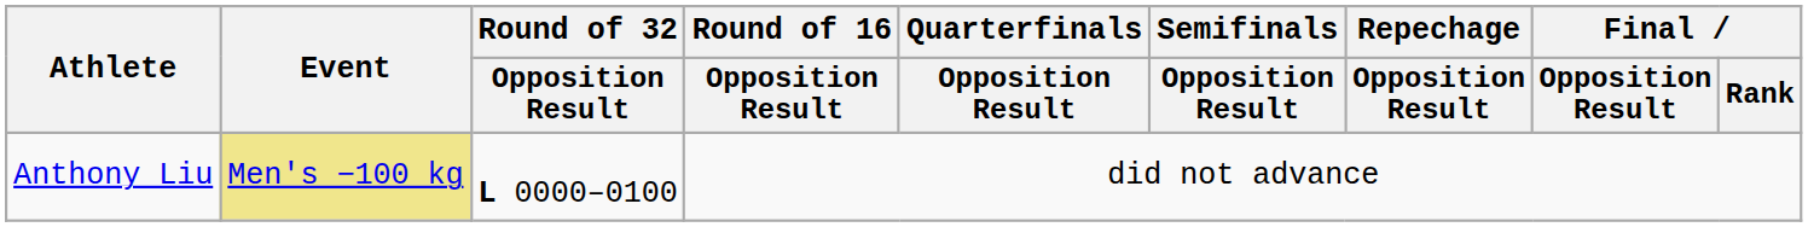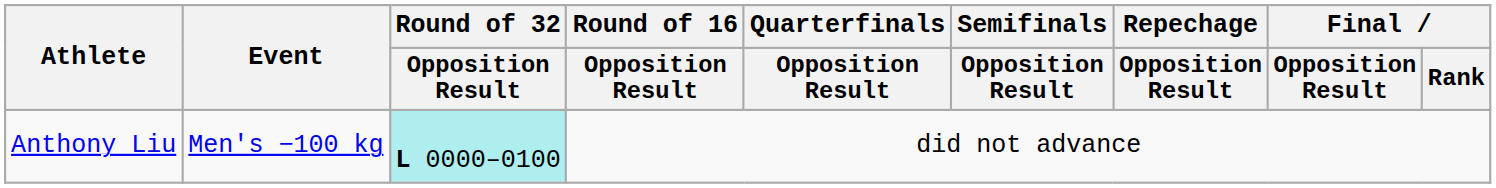 <table class="wikitable" style="font-size:90%">
 <tr>
 <th rowspan="2">Athlete</th>
 <th rowspan="2">Event</th>
 <th>Round of 32</th>
 <th>Round of 16</th>
 <th>Quarterfinals</th>
 <th>Semifinals</th>
 <th>Repechage</th>
 <th colspan=2>Final / </th>
 </tr>
 <tr style="font-size:95%">
 <th>Opposition<br>Result</th>
 <th>Opposition<br>Result</th>
 <th>Opposition<br>Result</th>
 <th>Opposition<br>Result</th>
 <th>Opposition<br>Result</th>
 <th>Opposition<br>Result</th>
 <th>Rank</th>
 </tr>
 <tr align=center>
 <td align=left><a href='#'>Anthony Liu</a></td>
-<td align=left style="background: khaki;"><a href='#'>Men's −100 kg</a></td>
-<td><br> <strong>L</strong> 0000–0100</td>
+<td align=left><a href='#'>Men's −100 kg</a></td>
+<td style="background: paleturquoise;"><br> <strong>L</strong> 0000–0100</td>
 <td colspan=6>did not advance</td>
 </tr>
 </table>
